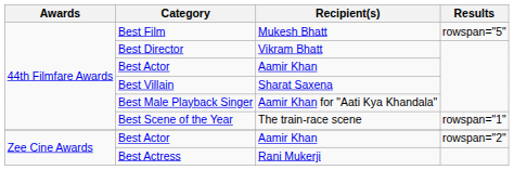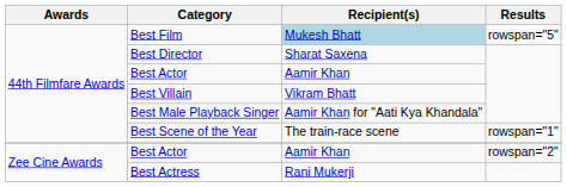 <table class="wikitable plainrowheaders sortable">
 <tr>
 <th>Awards</th>
 <th>Category</th>
 <th>Recipient(s)</th>
 <th>Results</th>
 </tr>
 <tr>
 <td rowspan="6"><a href='#'>44th Filmfare Awards</a></td>
 <td><a href='#'>Best Film</a></td>
-<td><a href='#'>Mukesh Bhatt</a></td>
+<td style="background: lightblue;"><a href='#'>Mukesh Bhatt</a></td>
 <td>rowspan="5" </td>
 </tr>
 <tr>
 <td><a href='#'>Best Director</a></td>
-<td><a href='#'>Vikram Bhatt</a></td>
+<td><a href='#'>Sharat Saxena</a></td>
 </tr>
 <tr>
 <td><a href='#'>Best Actor</a></td>
 <td><a href='#'>Aamir Khan</a></td>
 </tr>
 <tr>
 <td><a href='#'>Best Villain</a></td>
-<td><a href='#'>Sharat Saxena</a></td>
+<td><a href='#'>Vikram Bhatt</a></td>
 </tr>
 <tr>
 <td><a href='#'>Best Male Playback Singer</a></td>
 <td><a href='#'>Aamir Khan</a> for "Aati Kya Khandala"</td>
 </tr>
 <tr>
 <td><a href='#'>Best Scene of the Year</a></td>
 <td>The train-race scene</td>
 <td>rowspan="1" </td>
 </tr>
 <tr>
 </tr>
 <tr>
 <td rowspan="2"><a href='#'>Zee Cine Awards</a></td>
 <td><a href='#'>Best Actor</a></td>
 <td><a href='#'>Aamir Khan</a></td>
 <td>rowspan="2" </td>
 </tr>
 <tr>
 <td><a href='#'>Best Actress</a></td>
 <td><a href='#'>Rani Mukerji</a></td>
 </tr>
 </table>
